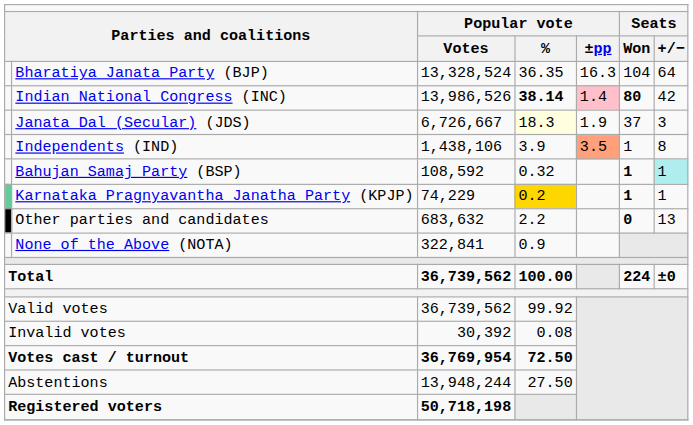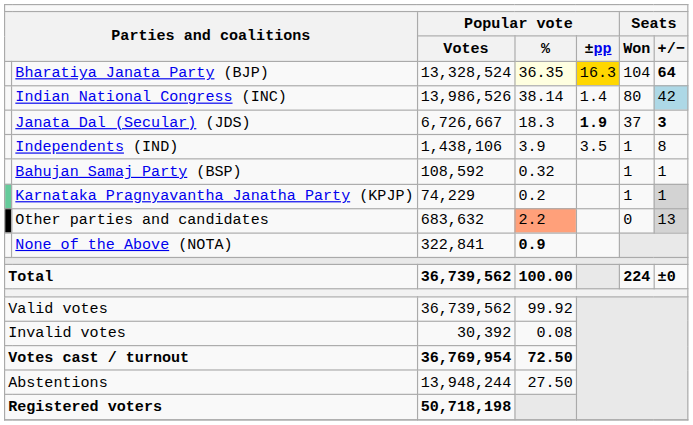 <table class="wikitable">
 <tr>
 <td colspan=10 align=center></td>
 </tr>
 <tr>
 <th colspan="2" rowspan="2">Parties and coalitions</th>
 <th colspan="3">Popular vote</th>
 <th colspan="2">Seats</th>
 </tr>
 <tr>
 <th>Votes</th>
 <th>%</th>
 <th>±<a href='#'>pp</a></th>
 <th>Won</th>
 <th><strong>+/−</strong></th>
 </tr>
 <tr>
 <td></td>
 <td><a href='#'>Bharatiya Janata Party</a> (BJP)</td>
 <td>13,328,524</td>
-<td>36.35</td>
-<td>16.3</td>
+<td style="background: lightyellow;">36.35</td>
+<td style="background: gold;">16.3</td>
 <td>104</td>
-<td>64</td>
+<td><strong>64</strong></td>
 </tr>
 <tr>
 <td></td>
 <td><a href='#'>Indian National Congress</a> (INC)</td>
 <td>13,986,526</td>
-<td><strong>38.14</strong></td>
-<td style="background: pink;">1.4</td>
-<td><strong>80</strong></td>
-<td>42</td>
+<td>38.14</td>
+<td>1.4</td>
+<td>80</td>
+<td style="background: lightblue;">42</td>
 </tr>
 <tr>
 <td></td>
 <td><a href='#'>Janata Dal (Secular)</a> (JDS)</td>
 <td>6,726,667</td>
-<td style="background: lightyellow;">18.3</td>
-<td>1.9</td>
+<td>18.3</td>
+<td><strong>1.9</strong></td>
 <td>37</td>
-<td>3</td>
+<td><strong>3</strong></td>
 </tr>
 <tr>
 <td></td>
 <td><a href='#'>Independents</a> (IND)</td>
 <td>1,438,106</td>
 <td>3.9</td>
-<td style="background: lightsalmon;"> 3.5</td>
+<td> 3.5</td>
 <td>1</td>
 <td>8</td>
 </tr>
 <tr>
 <td></td>
 <td><a href='#'>Bahujan Samaj Party</a> (BSP)</td>
 <td>108,592</td>
 <td>0.32</td>
 <td></td>
-<td><strong>1</strong></td>
-<td style="background: paleturquoise;">1</td>
+<td>1</td>
+<td>1</td>
 </tr>
 <tr>
 <td bgcolor=#65CB9B></td>
 <td><a href='#'>Karnataka Pragnyavantha Janatha Party</a> (KPJP)</td>
 <td>74,229</td>
-<td style="background: gold;">0.2</td>
+<td>0.2</td>
 <td></td>
-<td><strong>1</strong></td>
 <td>1</td>
+<td style="background: lightgrey;">1</td>
 </tr>
 <tr>
 <td bgcolor="black"></td>
 <td>Other parties and candidates</td>
 <td>683,632</td>
-<td>2.2</td>
+<td style="background: lightsalmon;">2.2</td>
 <td></td>
-<td><strong>0</strong></td>
-<td>13</td>
+<td>0</td>
+<td style="background: lightgrey;">13</td>
 </tr>
 <tr>
 <td></td>
 <td><a href='#'>None of the Above</a> (NOTA)</td>
 <td>322,841</td>
-<td>0.9</td>
+<td><strong>0.9</strong></td>
 <td></td>
 <td colspan="2" bgcolor="#E9E9E9"></td>
 </tr>
 <tr>
 <td colspan="7" bgcolor="#E9E9E9"></td>
 </tr>
 <tr style="font-weight:bold;">
 <td align="left" colspan="2">Total</td>
 <td>36,739,562</td>
 <td>100.00</td>
 <td bgcolor="#E9E9E9"></td>
 <td>224</td>
 <td>±0</td>
 </tr>
 <tr>
 <th colspan="9"></th>
 </tr>
 <tr>
 <td style="text-align:left;" colspan="2">Valid votes</td>
 <td align="right">36,739,562</td>
 <td align="right">99.92</td>
 <td colspan="4" rowspan="5" style="background-color:#E9E9E9"></td>
 </tr>
 <tr>
 <td style="text-align:left;" colspan="2">Invalid votes</td>
 <td align="right">30,392</td>
 <td align="right">0.08</td>
 </tr>
 <tr>
 <td style="text-align:left;" colspan="2"><strong>Votes cast / turnout</strong></td>
 <td align="right"><strong>36,769,954</strong></td>
 <td align="right"><strong>72.50</strong></td>
 </tr>
 <tr>
 <td style="text-align:left;" colspan="2">Abstentions</td>
 <td align="right">13,948,244</td>
 <td align="right">27.50</td>
 </tr>
 <tr>
 <td style="text-align:left;" colspan="2"><strong>Registered voters</strong></td>
 <td align="right"><strong>50,718,198</strong></td>
 <td colspan="1" style="background-color:#E9E9E9"></td>
 </tr>
 <tr>
 </tr>
 </table>
